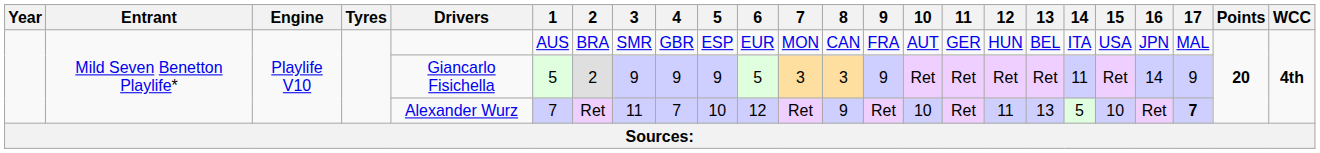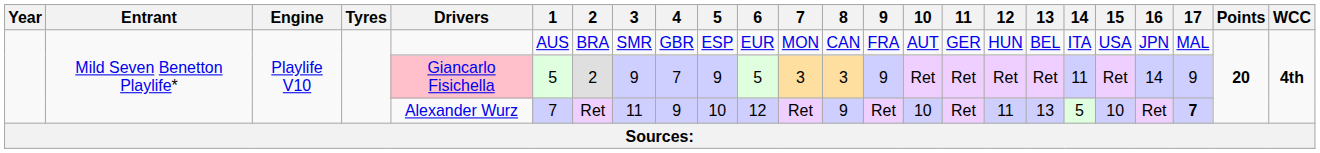 <table class="wikitable" style="text-align:center; font-size:95%">
 <tr>
 <th>Year</th>
 <th>Entrant</th>
 <th>Engine</th>
 <th>Tyres</th>
 <th>Drivers</th>
 <th>1</th>
 <th>2</th>
 <th>3</th>
 <th>4</th>
 <th>5</th>
 <th>6</th>
 <th>7</th>
 <th>8</th>
 <th>9</th>
 <th>10</th>
 <th>11</th>
 <th>12</th>
 <th>13</th>
 <th>14</th>
 <th>15</th>
 <th>16</th>
 <th>17</th>
 <th>Points</th>
 <th>WCC</th>
 </tr>
 <tr>
 <td rowspan="3"></td>
 <td rowspan="3"><a href='#'>Mild Seven</a> <a href='#'>Benetton</a> <a href='#'>Playlife</a>*</td>
 <td rowspan="3"><a href='#'>Playlife</a> <a href='#'>V10</a></td>
 <td rowspan="3"></td>
 <td></td>
 <td><a href='#'>AUS</a></td>
 <td><a href='#'>BRA</a></td>
 <td><a href='#'>SMR</a></td>
 <td><a href='#'>GBR</a></td>
 <td><a href='#'>ESP</a></td>
 <td><a href='#'>EUR</a></td>
 <td><a href='#'>MON</a></td>
 <td><a href='#'>CAN</a></td>
 <td><a href='#'>FRA</a></td>
 <td><a href='#'>AUT</a></td>
 <td><a href='#'>GER</a></td>
 <td><a href='#'>HUN</a></td>
 <td><a href='#'>BEL</a></td>
 <td><a href='#'>ITA</a></td>
 <td><a href='#'>USA</a></td>
 <td><a href='#'>JPN</a></td>
 <td><a href='#'>MAL</a></td>
 <td rowspan="3"><strong>20</strong></td>
 <td rowspan="3"><strong>4th</strong></td>
 </tr>
 <tr>
-<td> <a href='#'>Giancarlo Fisichella</a></td>
+<td style="background: pink;"> <a href='#'>Giancarlo Fisichella</a></td>
 <td style="background:#DFFFDF;">5</td>
 <td style="background:#DFDFDF;">2</td>
 <td style="background:#CFCFFF;">9</td>
-<td style="background:#CFCFFF;">9</td>
+<td style="background:#CFCFFF;">7</td>
 <td style="background:#CFCFFF;">9</td>
 <td style="background:#DFFFDF;">5</td>
 <td style="background:#FFDF9F;">3</td>
 <td style="background:#FFDF9F;">3</td>
 <td style="background:#CFCFFF;">9</td>
 <td style="background:#EFCFFF;">Ret</td>
 <td style="background:#EFCFFF;">Ret</td>
 <td style="background:#EFCFFF;">Ret</td>
 <td style="background:#EFCFFF;">Ret</td>
 <td style="background:#CFCFFF;">11</td>
 <td style="background:#EFCFFF;">Ret</td>
 <td style="background:#CFCFFF;">14</td>
 <td style="background:#CFCFFF;">9</td>
 </tr>
 <tr>
 <td> <a href='#'>Alexander Wurz</a></td>
 <td style="background:#CFCFFF;">7</td>
 <td style="background:#EFCFFF;">Ret</td>
 <td style="background:#CFCFFF;">11</td>
-<td style="background:#CFCFFF;">7</td>
+<td style="background:#CFCFFF;">9</td>
 <td style="background:#CFCFFF;">10</td>
 <td style="background:#CFCFFF;">12</td>
 <td style="background:#EFCFFF;">Ret</td>
 <td style="background:#CFCFFF;">9</td>
 <td style="background:#EFCFFF;">Ret</td>
 <td style="background:#CFCFFF;">10</td>
 <td style="background:#EFCFFF;">Ret</td>
 <td style="background:#CFCFFF;">11</td>
 <td style="background:#CFCFFF;">13</td>
 <td style="background:#DFFFDF;">5</td>
 <td style="background:#CFCFFF;">10</td>
 <td style="background:#EFCFFF;">Ret</td>
 <td style="background:#CFCFFF;"><strong>7</strong></td>
 </tr>
 <tr>
 <th colspan="24">Sources:</th>
 </tr>
 </table>
